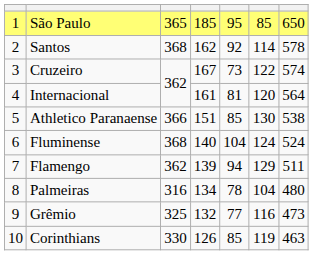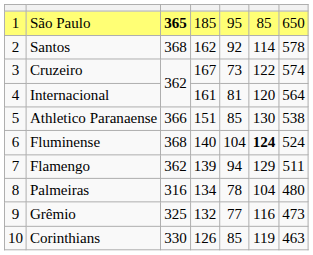 <table class="wikitable sortable mw-collapsible" style="text-align:center;">
 <tr>
 <th></th>
 <th></th>
 <th></th>
 <th></th>
 <th></th>
 <th></th>
 <th></th>
 </tr>
 <tr style="text-align:center; background:#FFFF75;">
 <td>1</td>
 <td align="left">São Paulo</td>
-<td>365</td>
+<td><strong>365</strong></td>
 <td>185</td>
 <td>95</td>
 <td>85</td>
 <td>650</td>
 </tr>
 <tr>
 <td>2</td>
 <td align="left">Santos</td>
 <td>368</td>
 <td>162</td>
 <td>92</td>
 <td>114</td>
 <td>578</td>
 </tr>
 <tr>
 <td>3</td>
 <td align="left">Cruzeiro</td>
 <td rowspan="2">362</td>
 <td>167</td>
 <td>73</td>
 <td>122</td>
 <td>574</td>
 </tr>
 <tr>
 <td>4</td>
 <td align="left">Internacional</td>
 <td>161</td>
 <td>81</td>
 <td>120</td>
 <td>564</td>
 </tr>
 <tr>
 <td>5</td>
 <td align="left">Athletico Paranaense</td>
 <td>366</td>
 <td>151</td>
 <td>85</td>
 <td>130</td>
 <td>538</td>
 </tr>
 <tr>
 <td>6</td>
 <td align="left">Fluminense</td>
 <td>368</td>
 <td>140</td>
 <td>104</td>
-<td>124</td>
+<td><strong>124</strong></td>
 <td>524</td>
 </tr>
 <tr>
 <td>7</td>
 <td align="left">Flamengo</td>
 <td>362</td>
 <td>139</td>
 <td>94</td>
 <td>129</td>
 <td>511</td>
 </tr>
 <tr>
 <td>8</td>
 <td align="left">Palmeiras</td>
 <td>316</td>
 <td>134</td>
 <td>78</td>
 <td>104</td>
 <td>480</td>
 </tr>
 <tr>
 <td>9</td>
 <td align="left">Grêmio</td>
 <td>325</td>
 <td>132</td>
 <td>77</td>
 <td>116</td>
 <td>473</td>
 </tr>
 <tr>
 <td>10</td>
 <td align="left">Corinthians</td>
 <td>330</td>
 <td>126</td>
 <td>85</td>
 <td>119</td>
 <td>463</td>
 </tr>
 </table>
